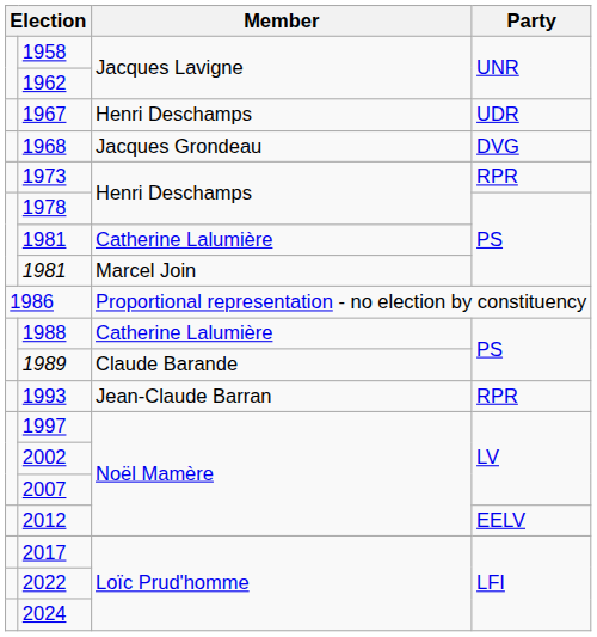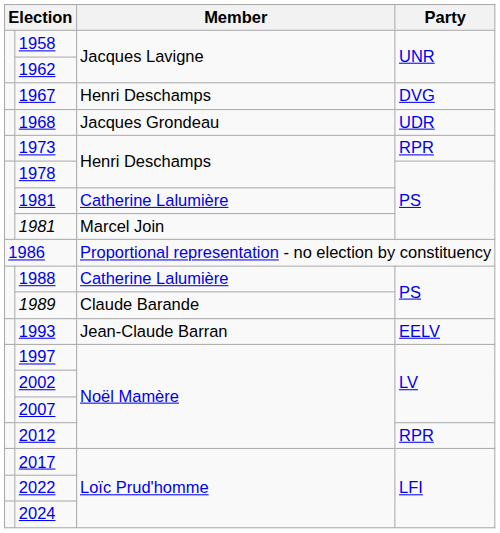 <table class="wikitable">
 <tr>
 <th colspan="2">Election</th>
 <th>Member</th>
 <th>Party</th>
 </tr>
 <tr>
 <td rowspan="2" style="color:inherit;background-color: "></td>
 <td><a href='#'>1958</a></td>
 <td rowspan="2">Jacques Lavigne</td>
 <td rowspan="2"><a href='#'>UNR</a></td>
 </tr>
 <tr>
 <td><a href='#'>1962</a></td>
 </tr>
 <tr>
 <td style="color:inherit;background-color: "></td>
 <td><a href='#'>1967</a></td>
 <td>Henri Deschamps</td>
-<td><a href='#'>UDR</a></td>
+<td><a href='#'>DVG</a></td>
 </tr>
 <tr>
 <td style="color:inherit;background-color: "></td>
 <td><a href='#'>1968</a></td>
 <td>Jacques Grondeau</td>
-<td><a href='#'>DVG</a></td>
+<td><a href='#'>UDR</a></td>
 </tr>
 <tr>
 <td style="color:inherit;background-color: "></td>
 <td><a href='#'>1973</a></td>
 <td rowspan="2">Henri Deschamps</td>
 <td><a href='#'>RPR</a></td>
 </tr>
 <tr>
 <td rowspan="3" style="color:inherit;background-color: "></td>
 <td><a href='#'>1978</a></td>
 <td rowspan="3"><a href='#'>PS</a></td>
 </tr>
 <tr>
 <td><a href='#'>1981</a></td>
 <td><a href='#'>Catherine Lalumière</a></td>
 </tr>
 <tr>
 <td><em>1981</em></td>
 <td>Marcel Join</td>
 </tr>
 <tr>
 <td colspan="2"><a href='#'>1986</a></td>
 <td colspan="2"><a href='#'>Proportional representation</a> - no election by constituency</td>
 </tr>
 <tr>
 <td rowspan="2" style="color:inherit;background-color: "></td>
 <td><a href='#'>1988</a></td>
 <td><a href='#'>Catherine Lalumière</a></td>
 <td rowspan="2"><a href='#'>PS</a></td>
 </tr>
 <tr>
 <td><em>1989</em></td>
 <td>Claude Barande</td>
 </tr>
 <tr>
 <td style="color:inherit;background-color: "></td>
 <td><a href='#'>1993</a></td>
 <td>Jean-Claude Barran</td>
-<td><a href='#'>RPR</a></td>
+<td><a href='#'>EELV</a></td>
 </tr>
 <tr>
 <td rowspan=3 style="color:inherit;background-color: "></td>
 <td><a href='#'>1997</a></td>
 <td rowspan=4><a href='#'>Noël Mamère</a></td>
 <td rowspan="3"><a href='#'>LV</a></td>
 </tr>
 <tr>
 <td><a href='#'>2002</a></td>
 </tr>
 <tr>
 <td><a href='#'>2007</a></td>
 </tr>
 <tr>
 <td style="color:inherit;background-color: "></td>
 <td><a href='#'>2012</a></td>
-<td><a href='#'>EELV</a></td>
+<td><a href='#'>RPR</a></td>
 </tr>
 <tr>
 <td style="color:inherit;background-color: "></td>
 <td><a href='#'>2017</a></td>
 <td rowspan="3"><a href='#'>Loïc Prud'homme</a></td>
 <td rowspan="3"><a href='#'>LFI</a></td>
 </tr>
 <tr>
 <td style="color:inherit;background-color: "></td>
 <td><a href='#'>2022</a></td>
 </tr>
 <tr>
 <td style="color:inherit;background-color: "></td>
 <td><a href='#'>2024</a></td>
 </tr>
 </table>
